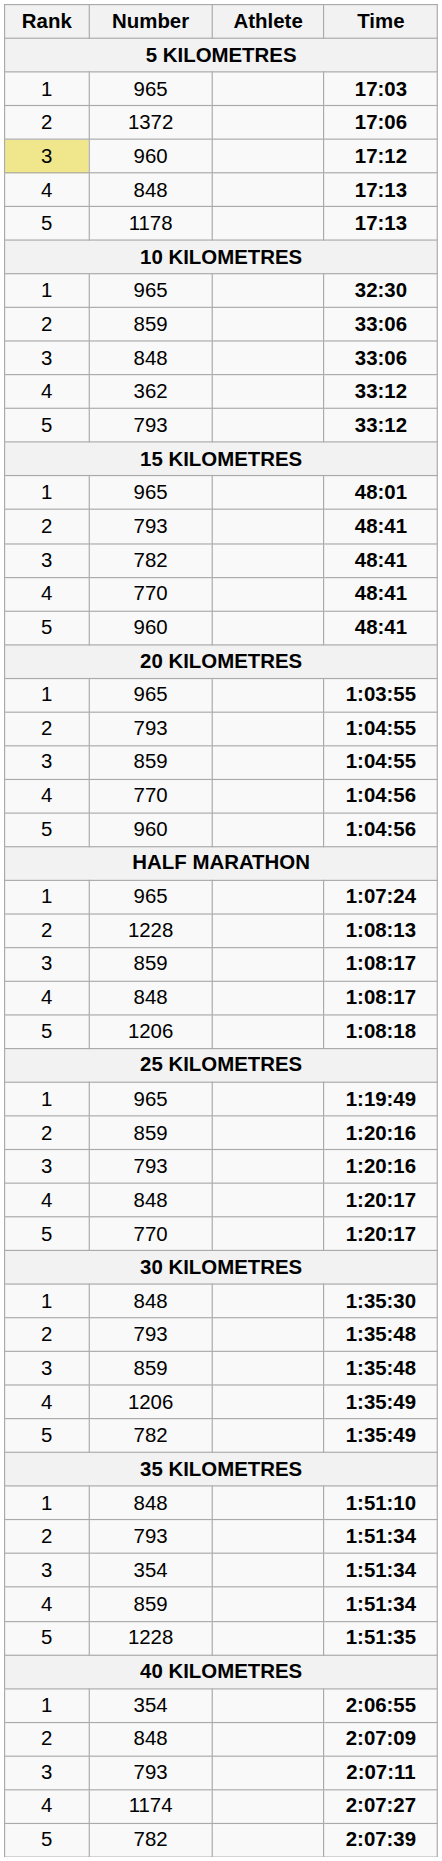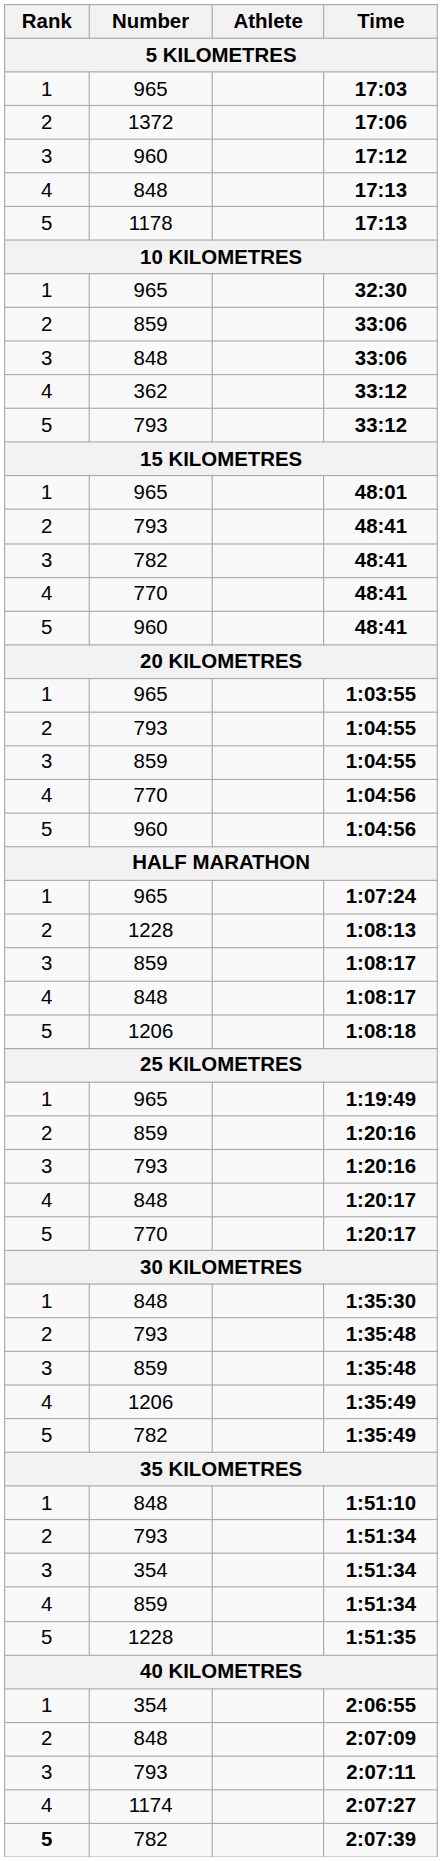 <table class="wikitable" style=" text-align:center; font-size:110%;" width="60%">
 <tr>
 <th>Rank</th>
 <th>Number</th>
 <th>Athlete</th>
 <th>Time</th>
 </tr>
 <tr>
 <th colspan="4">5 KILOMETRES</th>
 </tr>
 <tr>
 <td>1</td>
 <td>965</td>
 <td align=left></td>
 <td><strong>17:03  </strong></td>
 </tr>
 <tr>
 <td>2</td>
 <td>1372</td>
 <td align=left></td>
 <td><strong>17:06  </strong></td>
 </tr>
 <tr>
-<td style="background: khaki;">3</td>
+<td>3</td>
 <td>960</td>
 <td align=left></td>
 <td><strong>17:12  </strong></td>
 </tr>
 <tr>
 <td>4</td>
 <td>848</td>
 <td align=left></td>
 <td><strong>17:13  </strong></td>
 </tr>
 <tr>
 <td>5</td>
 <td>1178</td>
 <td align=left></td>
 <td><strong>17:13  </strong></td>
 </tr>
 <tr>
 <th colspan="4">10 KILOMETRES</th>
 </tr>
 <tr>
 <td>1</td>
 <td>965</td>
 <td align=left></td>
 <td><strong>32:30  </strong></td>
 </tr>
 <tr>
 <td>2</td>
 <td>859</td>
 <td align=left></td>
 <td><strong>33:06  </strong></td>
 </tr>
 <tr>
 <td>3</td>
 <td>848</td>
 <td align=left></td>
 <td><strong>33:06  </strong></td>
 </tr>
 <tr>
 <td>4</td>
 <td>362</td>
 <td align=left></td>
 <td><strong>33:12  </strong></td>
 </tr>
 <tr>
 <td>5</td>
 <td>793</td>
 <td align=left></td>
 <td><strong>33:12  </strong></td>
 </tr>
 <tr>
 <th colspan="4">15 KILOMETRES</th>
 </tr>
 <tr>
 <td>1</td>
 <td>965</td>
 <td align=left></td>
 <td><strong>48:01  </strong></td>
 </tr>
 <tr>
 <td>2</td>
 <td>793</td>
 <td align=left></td>
 <td><strong>48:41  </strong></td>
 </tr>
 <tr>
 <td>3</td>
 <td>782</td>
 <td align=left></td>
 <td><strong>48:41  </strong></td>
 </tr>
 <tr>
 <td>4</td>
 <td>770</td>
 <td align=left></td>
 <td><strong>48:41   </strong></td>
 </tr>
 <tr>
 <td>5</td>
 <td>960</td>
 <td align=left></td>
 <td><strong>48:41  </strong></td>
 </tr>
 <tr>
 <th colspan="4">20 KILOMETRES</th>
 </tr>
 <tr>
 <td>1</td>
 <td>965</td>
 <td align=left></td>
 <td><strong>1:03:55  </strong></td>
 </tr>
 <tr>
 <td>2</td>
 <td>793</td>
 <td align=left></td>
 <td><strong>1:04:55  </strong></td>
 </tr>
 <tr>
 <td>3</td>
 <td>859</td>
 <td align=left></td>
 <td><strong>1:04:55  </strong></td>
 </tr>
 <tr>
 <td>4</td>
 <td>770</td>
 <td align=left></td>
 <td><strong>1:04:56   </strong></td>
 </tr>
 <tr>
 <td>5</td>
 <td>960</td>
 <td align=left></td>
 <td><strong>1:04:56 </strong></td>
 </tr>
 <tr>
 <th colspan="4">HALF MARATHON</th>
 </tr>
 <tr>
 <td>1</td>
 <td>965</td>
 <td align=left></td>
 <td><strong>1:07:24   </strong></td>
 </tr>
 <tr>
 <td>2</td>
 <td>1228</td>
 <td align=left></td>
 <td><strong>1:08:13</strong></td>
 </tr>
 <tr>
 <td>3</td>
 <td>859</td>
 <td align=left></td>
 <td><strong>1:08:17 </strong></td>
 </tr>
 <tr>
 <td>4</td>
 <td>848</td>
 <td align=left></td>
 <td><strong>1:08:17 </strong></td>
 </tr>
 <tr>
 <td>5</td>
 <td>1206</td>
 <td align=left></td>
 <td><strong>1:08:18 </strong></td>
 </tr>
 <tr>
 <th colspan="4">25 KILOMETRES</th>
 </tr>
 <tr>
 <td>1</td>
 <td>965</td>
 <td align=left></td>
 <td><strong>1:19:49   </strong></td>
 </tr>
 <tr>
 <td>2</td>
 <td>859</td>
 <td align=left></td>
 <td><strong>1:20:16 </strong></td>
 </tr>
 <tr>
 <td>3</td>
 <td>793</td>
 <td align=left></td>
 <td><strong>1:20:16   </strong></td>
 </tr>
 <tr>
 <td>4</td>
 <td>848</td>
 <td align=left></td>
 <td><strong>1:20:17 </strong></td>
 </tr>
 <tr>
 <td>5</td>
 <td>770</td>
 <td align=left></td>
 <td><strong>1:20:17 </strong></td>
 </tr>
 <tr>
 <th colspan="4">30 KILOMETRES</th>
 </tr>
 <tr>
 <td>1</td>
 <td>848</td>
 <td align=left></td>
 <td><strong>1:35:30 </strong></td>
 </tr>
 <tr>
 <td>2</td>
 <td>793</td>
 <td align=left></td>
 <td><strong>1:35:48  </strong></td>
 </tr>
 <tr>
 <td>3</td>
 <td>859</td>
 <td align=left></td>
 <td><strong>1:35:48</strong></td>
 </tr>
 <tr>
 <td>4</td>
 <td>1206</td>
 <td align=left></td>
 <td><strong>1:35:49</strong></td>
 </tr>
 <tr>
 <td>5</td>
 <td>782</td>
 <td align=left></td>
 <td><strong>1:35:49</strong></td>
 </tr>
 <tr>
 <th colspan="4">35 KILOMETRES</th>
 </tr>
 <tr>
 <td>1</td>
 <td>848</td>
 <td align=left></td>
 <td><strong>1:51:10 </strong></td>
 </tr>
 <tr>
 <td>2</td>
 <td>793</td>
 <td align=left></td>
 <td><strong>1:51:34  </strong></td>
 </tr>
 <tr>
 <td>3</td>
 <td>354</td>
 <td align=left></td>
 <td><strong>1:51:34 </strong></td>
 </tr>
 <tr>
 <td>4</td>
 <td>859</td>
 <td align=left></td>
 <td><strong>1:51:34 </strong></td>
 </tr>
 <tr>
 <td>5</td>
 <td>1228</td>
 <td align=left></td>
 <td><strong>1:51:35</strong></td>
 </tr>
 <tr>
 <th colspan="4">40 KILOMETRES</th>
 </tr>
 <tr>
 <td>1</td>
 <td>354</td>
 <td align=left></td>
 <td><strong>2:06:55</strong></td>
 </tr>
 <tr>
 <td>2</td>
 <td>848</td>
 <td align=left></td>
 <td><strong>2:07:09 </strong></td>
 </tr>
 <tr>
 <td>3</td>
 <td>793</td>
 <td align=left></td>
 <td><strong>2:07:11  </strong></td>
 </tr>
 <tr>
 <td>4</td>
 <td>1174</td>
 <td align=left></td>
 <td><strong>2:07:27 </strong></td>
 </tr>
 <tr>
-<td>5</td>
+<td><strong>5</strong></td>
 <td>782</td>
 <td align=left></td>
 <td><strong>2:07:39</strong></td>
 </tr>
 </table>
